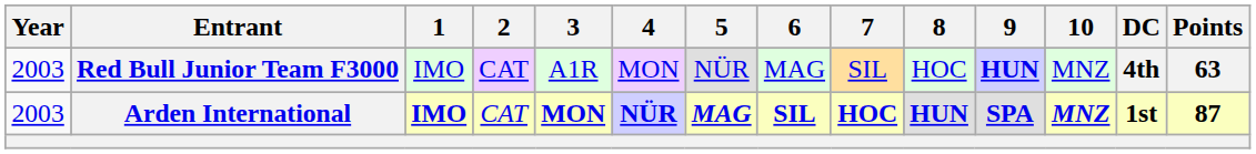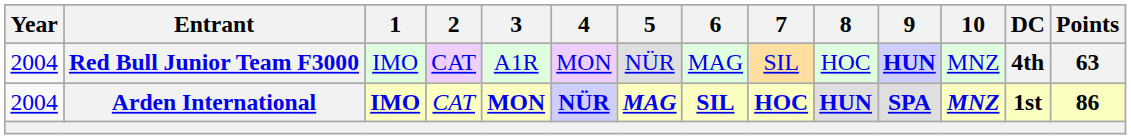 <table class="wikitable" style="text-align:center; font-size:85%">
 <tr>
 <th>Year</th>
 <th>Entrant</th>
 <th>1</th>
 <th>2</th>
 <th>3</th>
 <th>4</th>
 <th>5</th>
 <th>6</th>
 <th>7</th>
 <th>8</th>
 <th>9</th>
 <th>10</th>
 <th>DC</th>
 <th>Points</th>
 </tr>
 <tr>
-<td><a href='#'>2003</a></td>
+<td><a href='#'>2004</a></td>
 <th nowrap><a href='#'>Red Bull Junior Team F3000</a></th>
 <td style="background:#DFFFDF;"><a href='#'>IMO</a><br></td>
 <td style="background:#EFCFFF;"><a href='#'>CAT</a><br></td>
 <td style="background:#DFFFDF;"><a href='#'>A1R</a><br></td>
 <td style="background:#EFCFFF;"><a href='#'>MON</a><br></td>
 <td style="background:#DFDFDF;"><a href='#'>NÜR</a><br></td>
 <td style="background:#DFFFDF;"><a href='#'>MAG</a><br></td>
 <td style="background:#FFDF9F;"><a href='#'>SIL</a><br></td>
 <td style="background:#DFFFDF;"><a href='#'>HOC</a><br></td>
 <td style="background:#CFCFFF;"><strong><a href='#'>HUN</a></strong><br></td>
 <td style="background:#DFFFDF;"><a href='#'>MNZ</a><br></td>
 <th>4th</th>
 <th>63</th>
 </tr>
 <tr>
-<td><a href='#'>2003</a></td>
+<td><a href='#'>2004</a></td>
 <th nowrap><a href='#'>Arden International</a></th>
 <td style="background:#FBFFBF;"><strong><a href='#'>IMO</a></strong><br></td>
 <td style="background:#FBFFBF;"><em><a href='#'>CAT</a></em><br></td>
 <td style="background:#FBFFBF;"><strong><a href='#'>MON</a></strong><br></td>
 <td style="background:#CFCFFF;"><strong><a href='#'>NÜR</a></strong><br></td>
 <td style="background:#FBFFBF;"><strong><em><a href='#'>MAG</a></em></strong><br></td>
 <td style="background:#FBFFBF;"><strong><a href='#'>SIL</a></strong><br></td>
 <td style="background:#FBFFBF;"><strong><a href='#'>HOC</a></strong><br></td>
 <td style="background:#DFDFDF;"><strong><a href='#'>HUN</a></strong><br></td>
 <td style="background:#DFDFDF;"><strong><a href='#'>SPA</a></strong><br></td>
 <td style="background:#FBFFBF;"><strong><em><a href='#'>MNZ</a></em></strong><br></td>
 <td style="background:#FBFFBF;"><strong>1st</strong></td>
-<td style="background:#FBFFBF;"><strong>87</strong></td>
+<td style="background:#FBFFBF;"><strong>86</strong></td>
 </tr>
 <tr>
 <th colspan="14"></th>
 </tr>
 </table>
